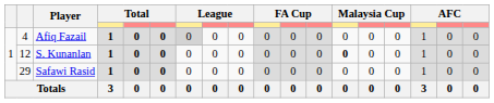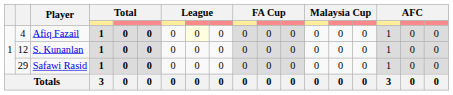 <table class="wikitable" style="text-align:center;">
 <tr style="text-align:center;">
 <th style="width:10px;" rowspan="2"></th>
 <th style="width:10px;" rowspan="2"></th>
 <th rowspan="2">Player</th>
 <th colspan="3">Total</th>
 <th colspan="3">League</th>
 <th colspan="3">FA Cup</th>
 <th colspan="3">Malaysia Cup</th>
 <th colspan="3">AFC</th>
 </tr>
 <tr>
 <th style="width:30px; background:#fe9;"></th>
 <th style="width:30px; background:#ff8888;"></th>
 <th style="width:30px; background:#ff8888;"></th>
 <th style="width:30px; background:#fe9;"></th>
 <th style="width:30px; background:#ff8888;"></th>
 <th style="width:30px; background:#ff8888;"></th>
 <th style="width:30px; background:#fe9;"></th>
 <th style="width:30px; background:#ff8888;"></th>
 <th style="width:30px; background:#ff8888;"></th>
 <th style="width:30px; background:#fe9;"></th>
 <th style="width:30px; background:#ff8888;"></th>
 <th style="width:30px; background:#ff8888;"></th>
 <th style="width:30px; background:#fe9;"></th>
 <th style="width:30px; background:#ff8888;"></th>
 <th style="width:30px; background:#ff8888;"></th>
 </tr>
 <tr>
 <td rowspan=3>1</td>
 <td>4</td>
 <td align=left> <a href='#'>Afiq Fazail</a></td>
 <td style="background:#DCDCDC"><strong>1</strong> </td>
 <td style="background:#DCDCDC"><strong>0</strong> </td>
 <td style="background:#DCDCDC"><strong>0</strong> </td>
-<td style="background: lightgrey;">0 </td>
 <td>0 </td>
+<td style="background: lightyellow;">0 </td>
 <td>0 </td>
 <td style="background:#DCDCDC">0 </td>
 <td style="background:#DCDCDC">0 </td>
 <td style="background:#DCDCDC">0 </td>
 <td>0 </td>
 <td>0 </td>
 <td>0 </td>
 <td style="background:#DCDCDC">1 </td>
 <td style="background:#DCDCDC">0 </td>
 <td style="background:#DCDCDC">0 </td>
 </tr>
 <tr>
 <td>12</td>
 <td align=left> <a href='#'>S. Kunanlan</a></td>
 <td style="background:#DCDCDC"><strong>1</strong> </td>
 <td style="background:#DCDCDC"><strong>0</strong> </td>
 <td style="background:#DCDCDC"><strong>0</strong> </td>
 <td>0</td>
 <td>0 </td>
 <td>0 </td>
 <td style="background:#DCDCDC">0 </td>
 <td style="background:#DCDCDC">0 </td>
 <td style="background:#DCDCDC">0 </td>
-<td><strong>0 </strong></td>
+<td>0 </td>
 <td>0 </td>
 <td>0 </td>
 <td style="background:#DCDCDC">1 </td>
 <td style="background:#DCDCDC">0 </td>
 <td style="background:#DCDCDC">0 </td>
 </tr>
 <tr>
 <td>29</td>
 <td align=left> <a href='#'>Safawi Rasid</a></td>
 <td style="background:#DCDCDC"><strong>1</strong> </td>
 <td style="background:#DCDCDC"><strong>0</strong> </td>
 <td style="background:#DCDCDC"><strong>0</strong> </td>
 <td>0 </td>
 <td>0 </td>
 <td>0 </td>
 <td style="background:#DCDCDC">0 </td>
 <td style="background:#DCDCDC">0 </td>
 <td style="background:#DCDCDC">0 </td>
 <td>0 </td>
 <td>0 </td>
 <td>0 </td>
 <td style="background:#DCDCDC">1 </td>
 <td style="background:#DCDCDC">0 </td>
 <td style="background:#DCDCDC">0 </td>
 </tr>
 <tr>
 <th colspan="3">Totals</th>
 <th>3</th>
 <th>0</th>
 <th>0</th>
 <th>0</th>
 <th>0</th>
 <th>0</th>
 <th>0</th>
 <th>0</th>
 <th>0</th>
 <th>0</th>
 <th>0</th>
 <th>0</th>
 <th>3</th>
 <th>0</th>
 <th>0</th>
 </tr>
 </table>
